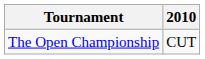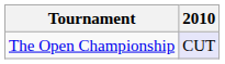 <table class="wikitable" style="font-size:95%;text-align:center;">
 <tr>
 <th>Tournament</th>
 <th>2010</th>
 </tr>
 <tr>
 <td align=left><a href='#'>The Open Championship</a></td>
-<td>CUT</td>
+<td style="background: lavender;">CUT</td>
 </tr>
 </table>
